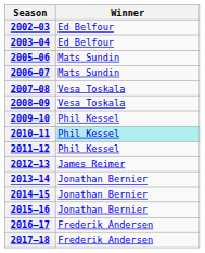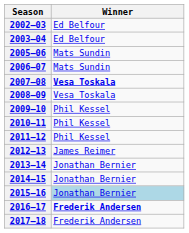 <table class="wikitable">
 <tr>
 <th scope="col" style="width:5em">Season</th>
 <th scope="col" style="width:15em">Winner</th>
 </tr>
 <tr>
 <th scope="row"><a href='#'>2002–03</a></th>
 <td><a href='#'>Ed Belfour</a></td>
 </tr>
 <tr>
 <th scope="row"><a href='#'>2003–04</a></th>
 <td><a href='#'>Ed Belfour</a></td>
 </tr>
 <tr>
 <th scope="row"><a href='#'>2005–06</a></th>
 <td><a href='#'>Mats Sundin</a></td>
 </tr>
 <tr>
 <th scope="row"><a href='#'>2006–07</a></th>
 <td><a href='#'>Mats Sundin</a></td>
 </tr>
 <tr>
 <th scope="row"><a href='#'>2007–08</a></th>
-<td><a href='#'>Vesa Toskala</a></td>
+<td><strong><a href='#'>Vesa Toskala</a></strong></td>
 </tr>
 <tr>
 <th scope="row"><a href='#'>2008–09</a></th>
 <td><a href='#'>Vesa Toskala</a></td>
 </tr>
 <tr>
 <th scope="row"><a href='#'>2009–10</a></th>
 <td><a href='#'>Phil Kessel</a></td>
 </tr>
 <tr>
 <th scope="row"><a href='#'>2010–11</a></th>
-<td style="background: paleturquoise;"><a href='#'>Phil Kessel</a></td>
+<td><a href='#'>Phil Kessel</a></td>
 </tr>
 <tr>
 <th scope="row"><a href='#'>2011–12</a></th>
 <td><a href='#'>Phil Kessel</a></td>
 </tr>
 <tr>
 <th scope="row"><a href='#'>2012–13</a></th>
 <td><a href='#'>James Reimer</a></td>
 </tr>
 <tr>
 <th scope="row"><a href='#'>2013–14</a></th>
 <td><a href='#'>Jonathan Bernier</a></td>
 </tr>
 <tr>
 <th scope="row"><a href='#'>2014–15</a></th>
 <td><a href='#'>Jonathan Bernier</a></td>
 </tr>
 <tr>
 <th scope="row"><a href='#'>2015–16</a></th>
-<td><a href='#'>Jonathan Bernier</a></td>
+<td style="background: lightblue;"><a href='#'>Jonathan Bernier</a></td>
 </tr>
 <tr>
 <th scope="row"><a href='#'>2016–17</a></th>
-<td><a href='#'>Frederik Andersen</a></td>
+<td><strong><a href='#'>Frederik Andersen</a></strong></td>
 </tr>
 <tr>
 <th scope="row"><a href='#'>2017–18</a></th>
 <td><a href='#'>Frederik Andersen</a></td>
 </tr>
 </table>
